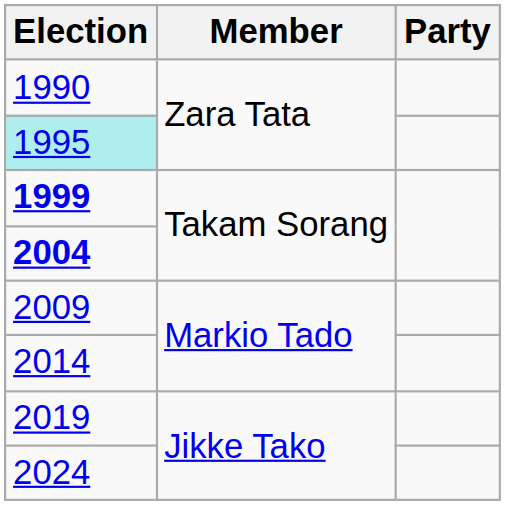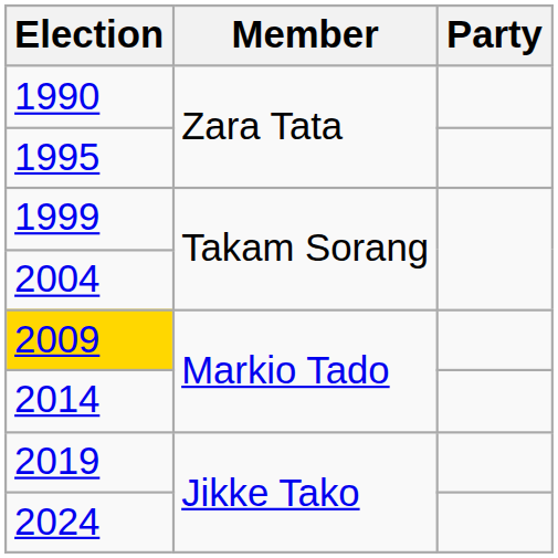 <table class="wikitable sortable">
 <tr>
 <th>Election</th>
 <th>Member</th>
 <th colspan=2>Party</th>
 </tr>
 <tr>
 <td><a href='#'>1990</a></td>
 <td rowspan=2>Zara Tata</td>
 <td></td>
 </tr>
 <tr>
-<td style="background: paleturquoise;"><a href='#'>1995</a></td>
+<td><a href='#'>1995</a></td>
 <td></td>
 </tr>
 <tr>
-<td><strong><a href='#'>1999</a></strong></td>
+<td><a href='#'>1999</a></td>
 <td rowspan=2>Takam Sorang</td>
 </tr>
 <tr>
-<td><strong><a href='#'>2004</a></strong></td>
+<td><a href='#'>2004</a></td>
 </tr>
 <tr>
-<td><a href='#'>2009</a></td>
+<td style="background: gold;"><a href='#'>2009</a></td>
 <td rowspan=2><a href='#'>Markio Tado</a></td>
 <td></td>
 </tr>
 <tr>
 <td><a href='#'>2014</a></td>
 <td></td>
 </tr>
 <tr>
 <td><a href='#'>2019</a></td>
 <td rowspan=2><a href='#'>Jikke Tako</a></td>
 <td></td>
 </tr>
 <tr>
 <td><a href='#'>2024</a></td>
 <td></td>
 </tr>
 </table>
